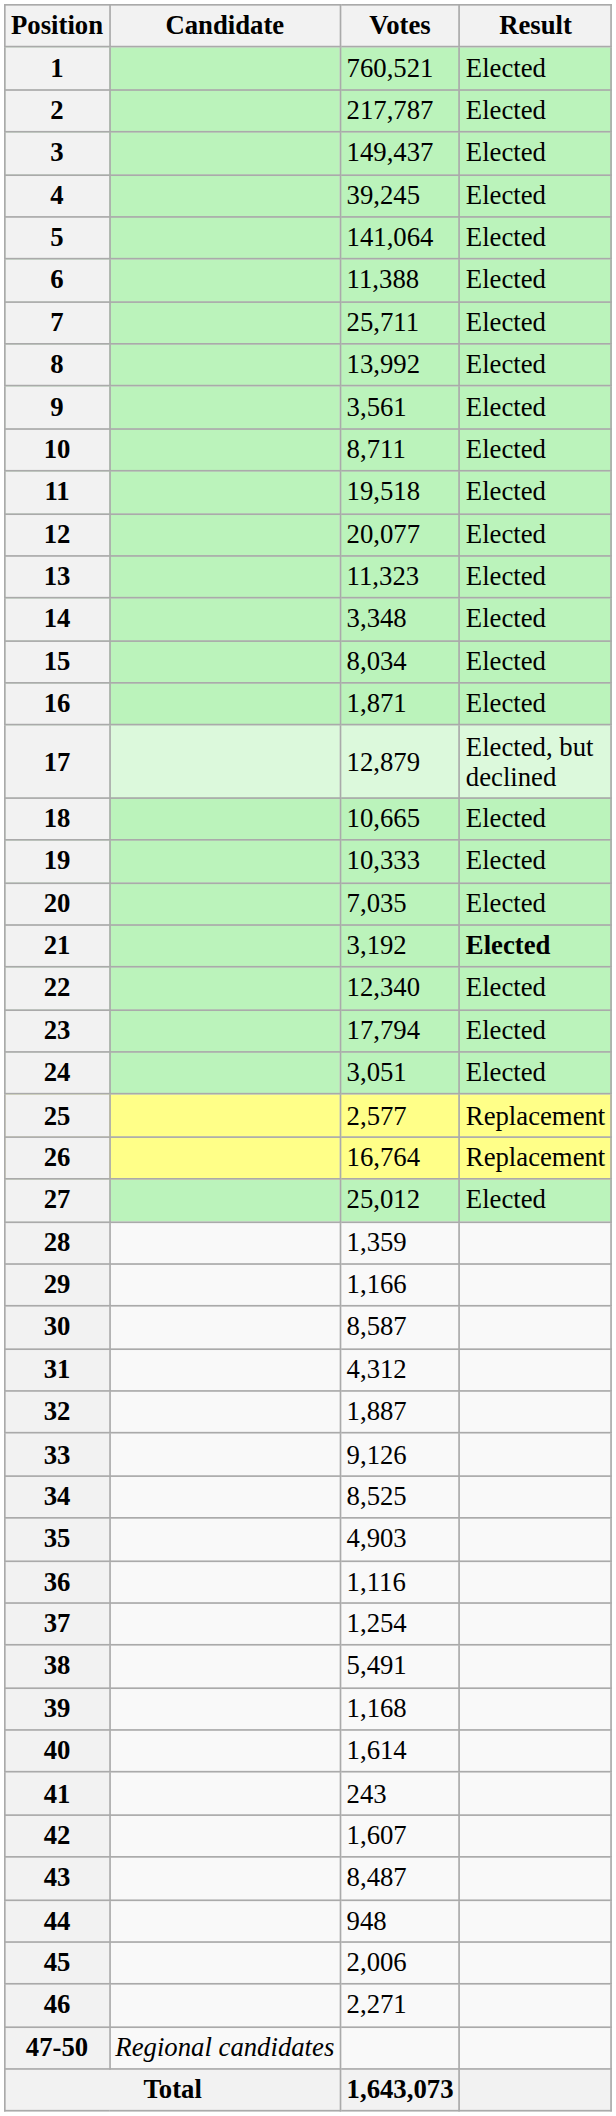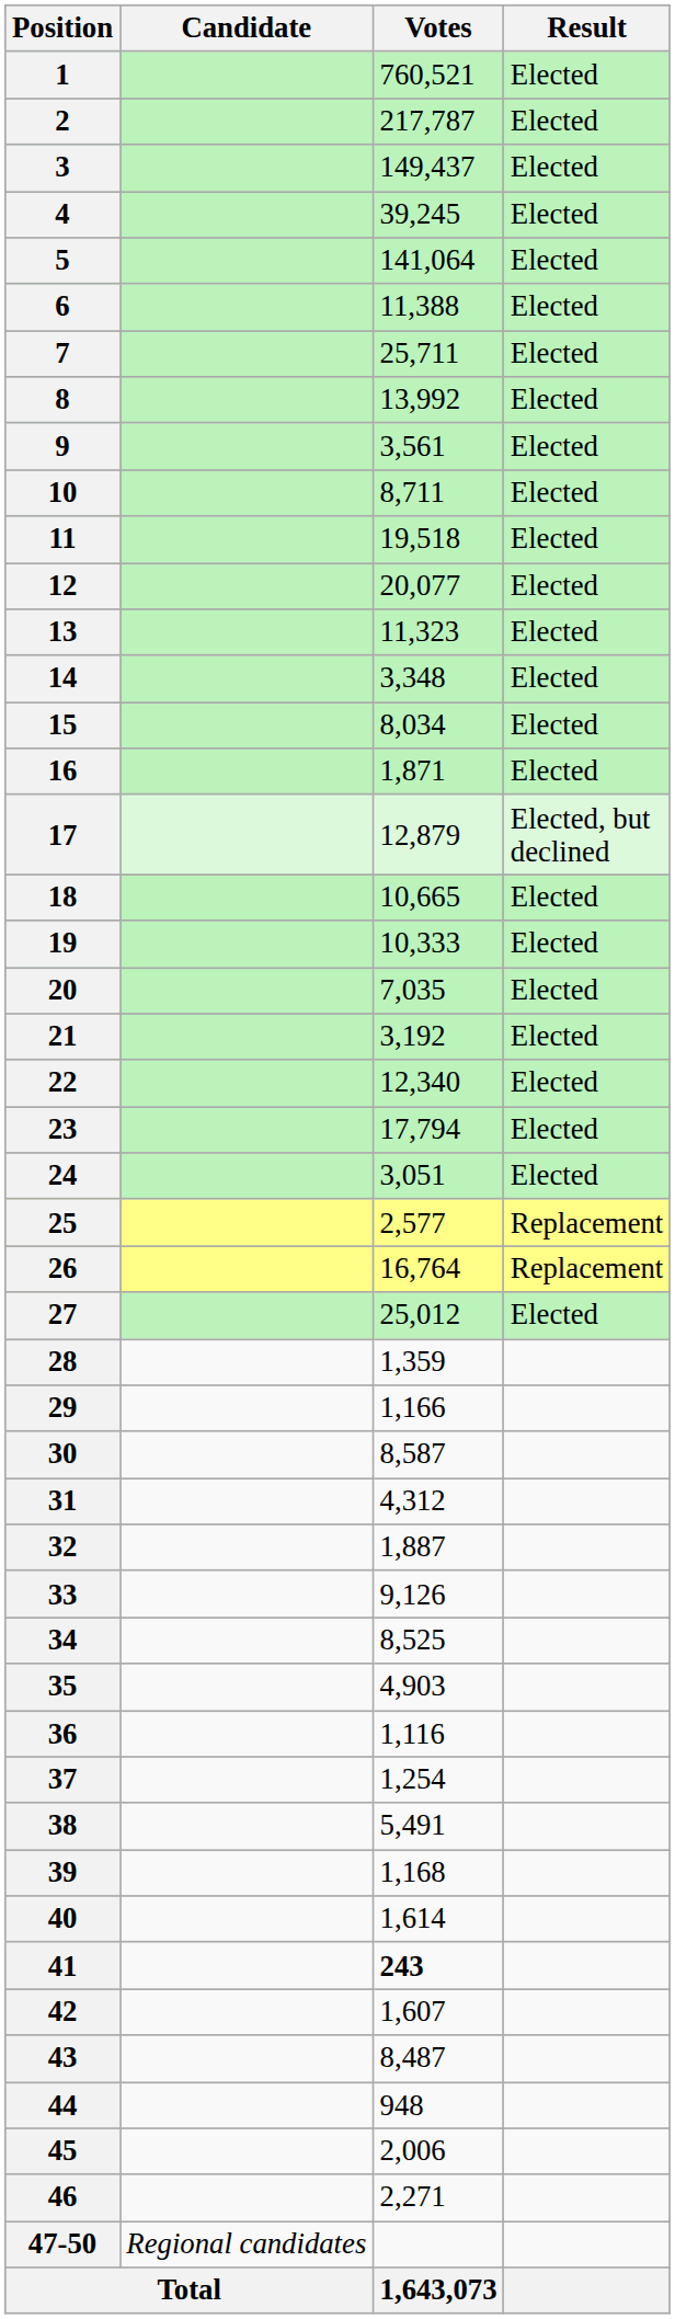 <table class="wikitable sortable col3right">
 <tr>
 <th scope="col">Position</th>
 <th scope="col">Candidate</th>
 <th scope="col">Votes</th>
 <th scope="col">Result</th>
 </tr>
 <tr bgcolor=bbf3bb>
 <th scope="row">1</th>
 <td></td>
 <td>760,521</td>
 <td>Elected</td>
 </tr>
 <tr bgcolor=bbf3bb>
 <th scope="row">2</th>
 <td></td>
 <td>217,787</td>
 <td>Elected</td>
 </tr>
 <tr bgcolor=bbf3bb>
 <th scope="row">3</th>
 <td></td>
 <td>149,437</td>
 <td>Elected</td>
 </tr>
 <tr bgcolor=bbf3bb>
 <th scope="row">4</th>
 <td></td>
 <td>39,245</td>
 <td>Elected</td>
 </tr>
 <tr bgcolor=bbf3bb>
 <th scope="row">5</th>
 <td></td>
 <td>141,064</td>
 <td>Elected</td>
 </tr>
 <tr bgcolor=bbf3bb>
 <th scope="row">6</th>
 <td></td>
 <td>11,388</td>
 <td>Elected</td>
 </tr>
 <tr bgcolor=bbf3bb>
 <th scope="row">7</th>
 <td></td>
 <td>25,711</td>
 <td>Elected</td>
 </tr>
 <tr bgcolor=bbf3bb>
 <th scope="row">8</th>
 <td></td>
 <td>13,992</td>
 <td>Elected</td>
 </tr>
 <tr bgcolor=bbf3bb>
 <th scope="row">9</th>
 <td></td>
 <td>3,561</td>
 <td>Elected</td>
 </tr>
 <tr bgcolor=bbf3bb>
 <th scope="row">10</th>
 <td></td>
 <td>8,711</td>
 <td>Elected</td>
 </tr>
 <tr bgcolor=bbf3bb>
 <th scope="row">11</th>
 <td></td>
 <td>19,518</td>
 <td>Elected</td>
 </tr>
 <tr bgcolor=bbf3bb>
 <th scope="row">12</th>
 <td></td>
 <td>20,077</td>
 <td>Elected</td>
 </tr>
 <tr bgcolor=bbf3bb>
 <th scope="row">13</th>
 <td></td>
 <td>11,323</td>
 <td>Elected</td>
 </tr>
 <tr bgcolor=bbf3bb>
 <th scope="row">14</th>
 <td></td>
 <td>3,348</td>
 <td>Elected</td>
 </tr>
 <tr bgcolor=bbf3bb>
 <th scope="row">15</th>
 <td></td>
 <td>8,034</td>
 <td>Elected</td>
 </tr>
 <tr bgcolor=bbf3bb>
 <th scope="row">16</th>
 <td></td>
 <td>1,871</td>
 <td>Elected</td>
 </tr>
 <tr bgcolor=dcf9dc>
 <th scope="row">17</th>
 <td></td>
 <td>12,879</td>
 <td>Elected, but<br>declined</td>
 </tr>
 <tr bgcolor=bbf3bb>
 <th scope="row">18</th>
 <td></td>
 <td>10,665</td>
 <td>Elected</td>
 </tr>
 <tr bgcolor=bbf3bb>
 <th scope="row">19</th>
 <td></td>
 <td>10,333</td>
 <td>Elected</td>
 </tr>
 <tr bgcolor=bbf3bb>
 <th scope="row">20</th>
 <td></td>
 <td>7,035</td>
 <td>Elected</td>
 </tr>
 <tr bgcolor=bbf3bb>
 <th scope="row">21</th>
 <td></td>
 <td>3,192</td>
-<td><strong>Elected</strong></td>
+<td>Elected</td>
 </tr>
 <tr bgcolor=bbf3bb>
 <th scope="row">22</th>
 <td></td>
 <td>12,340</td>
 <td>Elected</td>
 </tr>
 <tr bgcolor=bbf3bb>
 <th scope="row">23</th>
 <td></td>
 <td>17,794</td>
 <td>Elected</td>
 </tr>
 <tr bgcolor=bbf3bb>
 <th scope="row">24</th>
 <td></td>
 <td>3,051</td>
 <td>Elected</td>
 </tr>
 <tr bgcolor=#FF8>
 <th scope="row">25</th>
 <td></td>
 <td>2,577</td>
 <td>Replacement</td>
 </tr>
 <tr bgcolor=#FF8>
 <th scope="row">26</th>
 <td></td>
 <td>16,764</td>
 <td>Replacement</td>
 </tr>
 <tr bgcolor=bbf3bb>
 <th scope="row">27</th>
 <td></td>
 <td>25,012</td>
 <td>Elected</td>
 </tr>
 <tr>
 <th scope="row">28</th>
 <td></td>
 <td>1,359</td>
 <td></td>
 </tr>
 <tr>
 <th scope="row">29</th>
 <td></td>
 <td>1,166</td>
 <td></td>
 </tr>
 <tr>
 <th scope="row">30</th>
 <td></td>
 <td>8,587</td>
 <td></td>
 </tr>
 <tr>
 <th scope="row">31</th>
 <td></td>
 <td>4,312</td>
 <td></td>
 </tr>
 <tr>
 <th scope="row">32</th>
 <td></td>
 <td>1,887</td>
 <td></td>
 </tr>
 <tr>
 <th scope="row">33</th>
 <td></td>
 <td>9,126</td>
 <td></td>
 </tr>
 <tr>
 <th scope="row">34</th>
 <td></td>
 <td>8,525</td>
 <td></td>
 </tr>
 <tr>
 <th scope="row">35</th>
 <td></td>
 <td>4,903</td>
 <td></td>
 </tr>
 <tr>
 <th scope="row">36</th>
 <td></td>
 <td>1,116</td>
 <td></td>
 </tr>
 <tr>
 <th scope="row">37</th>
 <td></td>
 <td>1,254</td>
 <td></td>
 </tr>
 <tr>
 <th scope="row">38</th>
 <td></td>
 <td>5,491</td>
 <td></td>
 </tr>
 <tr>
 <th scope="row">39</th>
 <td></td>
 <td>1,168</td>
 <td></td>
 </tr>
 <tr>
 <th scope="row">40</th>
 <td></td>
 <td>1,614</td>
 <td></td>
 </tr>
 <tr>
 <th scope="row">41</th>
 <td></td>
-<td>243</td>
+<td><strong>243</strong></td>
 <td></td>
 </tr>
 <tr>
 <th scope="row">42</th>
 <td></td>
 <td>1,607</td>
 <td></td>
 </tr>
 <tr>
 <th scope="row">43</th>
 <td></td>
 <td>8,487</td>
 <td></td>
 </tr>
 <tr>
 <th scope="row">44</th>
 <td></td>
 <td>948</td>
 <td></td>
 </tr>
 <tr>
 <th scope="row">45</th>
 <td></td>
 <td>2,006</td>
 <td></td>
 </tr>
 <tr>
 <th scope="row">46</th>
 <td></td>
 <td>2,271</td>
 <td></td>
 </tr>
 <tr>
 <th scope="row">47-50</th>
 <td><em>Regional candidates</em></td>
 <td></td>
 <td></td>
 </tr>
 <tr class=sortbottom>
 <th scope="row" colspan="2">Total</th>
 <th style="text-align:right">1,643,073</th>
 <th></th>
 </tr>
 </table>
